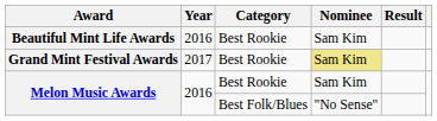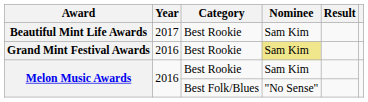 <table class="wikitable plainrowheaders">
 <tr>
 <th>Award</th>
 <th>Year</th>
 <th>Category</th>
 <th>Nominee</th>
 <th>Result</th>
 <th></th>
 </tr>
 <tr>
 <th scope="row">Beautiful Mint Life Awards</th>
-<td>2016</td>
+<td>2017</td>
 <td>Best Rookie</td>
 <td>Sam Kim</td>
 <td></td>
 <td align=center></td>
 </tr>
 <tr>
 <th scope="row">Grand Mint Festival Awards</th>
-<td>2017</td>
+<td>2016</td>
 <td>Best Rookie</td>
 <td style="background: khaki;">Sam Kim</td>
 <td></td>
 <td align=center></td>
 </tr>
 <tr>
 <th scope="row" rowspan="2"><a href='#'>Melon Music Awards</a></th>
 <td rowspan="2">2016</td>
 <td>Best Rookie</td>
 <td>Sam Kim</td>
 <td></td>
 <td rowspan="2" align=center></td>
 </tr>
 <tr>
 <td>Best Folk/Blues</td>
 <td>"No Sense"</td>
 <td></td>
 </tr>
 </table>
